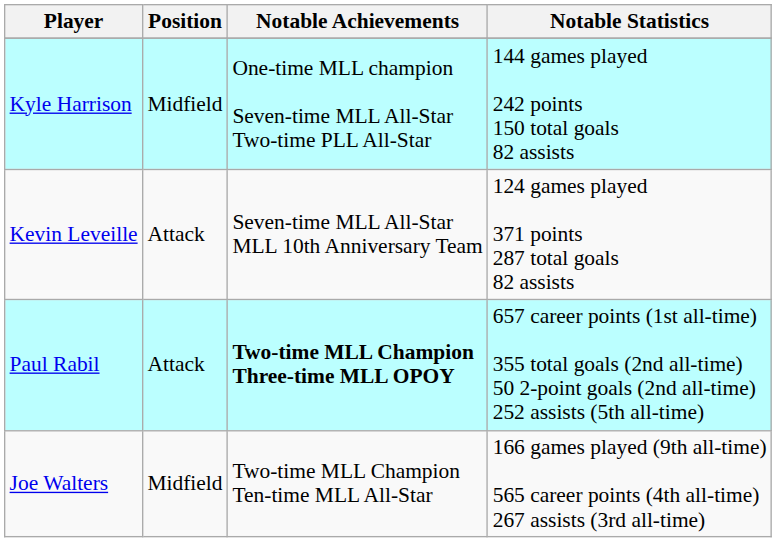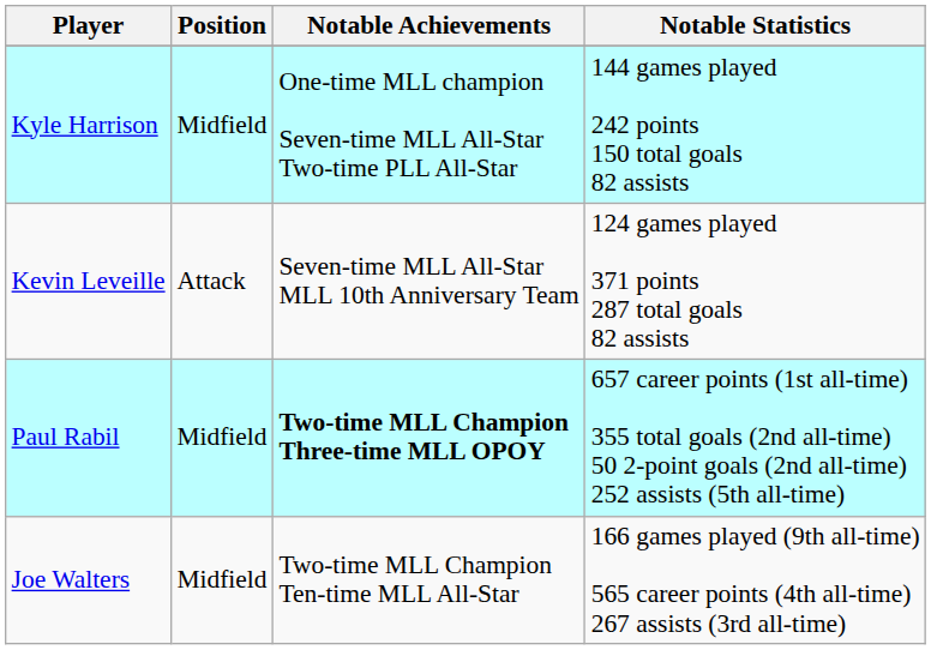 <table class="wikitable mw-collapsible">
 <tr>
 <th>Player</th>
 <th>Position</th>
 <th>Notable Achievements</th>
 <th>Notable Statistics</th>
 </tr>
 <tr>
 </tr>
 <tr style="background:#bff">
 <td><a href='#'>Kyle Harrison</a></td>
 <td>Midfield</td>
 <td>One-time MLL champion<br><br>Seven-time MLL All-Star<br> Two-time PLL All-Star</td>
 <td>144 games played<br><br>242 points<br> 150 total goals<br> 82 assists</td>
 </tr>
 <tr>
 <td><a href='#'>Kevin Leveille</a></td>
 <td>Attack</td>
 <td>Seven-time MLL All-Star<br>MLL 10th Anniversary Team</td>
 <td>124 games played<br><br>371 points<br> 287 total goals<br> 82 assists</td>
 </tr>
 <tr style="background:#bff">
 <td><a href='#'>Paul Rabil</a></td>
-<td>Attack</td>
+<td>Midfield</td>
 <td><strong>Two-time MLL Champion<br>Three-time MLL OPOY</strong></td>
 <td>657 career points (1st all-time)<br><br>355 total goals (2nd all-time)<br> 50 2-point goals (2nd all-time)<br> 252 assists (5th all-time)</td>
 </tr>
 <tr>
 <td><a href='#'>Joe Walters</a></td>
 <td>Midfield</td>
 <td>Two-time MLL Champion<br>Ten-time MLL All-Star</td>
 <td>166 games played (9th all-time)<br><br>565 career points (4th all-time)<br> 267 assists (3rd all-time)</td>
 </tr>
 </table>
